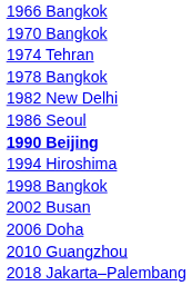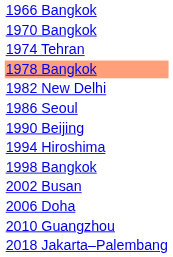 <table>
 <tr>
 <td><a href='#'>1966 Bangkok</a></td>
 <td></td>
 <td></td>
 <td></td>
 </tr>
 <tr>
 <td><a href='#'>1970 Bangkok</a></td>
 <td></td>
 <td></td>
 <td></td>
 </tr>
 <tr>
 <td><a href='#'>1974 Tehran</a></td>
 <td></td>
 <td></td>
 <td></td>
 </tr>
 <tr>
-<td><a href='#'>1978 Bangkok</a></td>
+<td style="background: lightsalmon;"><a href='#'>1978 Bangkok</a></td>
 <td></td>
 <td></td>
 <td></td>
 </tr>
 <tr>
 <td><a href='#'>1982 New Delhi</a></td>
 <td></td>
 <td></td>
 <td></td>
 </tr>
 <tr>
 <td><a href='#'>1986 Seoul</a></td>
 <td></td>
 <td></td>
 <td></td>
 </tr>
 <tr>
-<td><strong><a href='#'>1990 Beijing</a></strong></td>
+<td><a href='#'>1990 Beijing</a></td>
 <td></td>
 <td></td>
 <td></td>
 </tr>
 <tr>
 <td><a href='#'>1994 Hiroshima</a></td>
 <td></td>
 <td></td>
 <td></td>
 </tr>
 <tr>
 <td><a href='#'>1998 Bangkok</a></td>
 <td></td>
 <td></td>
 <td></td>
 </tr>
 <tr>
 <td><a href='#'>2002 Busan</a></td>
 <td></td>
 <td></td>
 <td></td>
 </tr>
 <tr>
 <td><a href='#'>2006 Doha</a></td>
 <td></td>
 <td></td>
 <td></td>
 </tr>
 <tr>
 <td><a href='#'>2010 Guangzhou</a></td>
 <td></td>
 <td></td>
 <td></td>
 </tr>
 <tr>
 <td><a href='#'>2018 Jakarta–Palembang</a></td>
 <td></td>
 <td></td>
 <td></td>
 </tr>
 </table>
